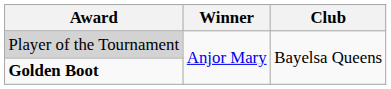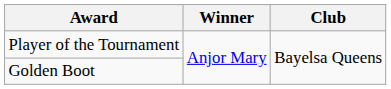 <table class="wikitable">
 <tr>
 <th>Award</th>
 <th>Winner</th>
 <th>Club</th>
 </tr>
 <tr>
-<td style="background: lightgrey;">Player of the Tournament</td>
+<td>Player of the Tournament</td>
 <td rowspan=2> <a href='#'>Anjor Mary</a></td>
 <td rowspan=2>Bayelsa Queens</td>
 </tr>
 <tr>
-<td><strong>Golden Boot</strong></td>
+<td>Golden Boot</td>
 </tr>
 </table>
